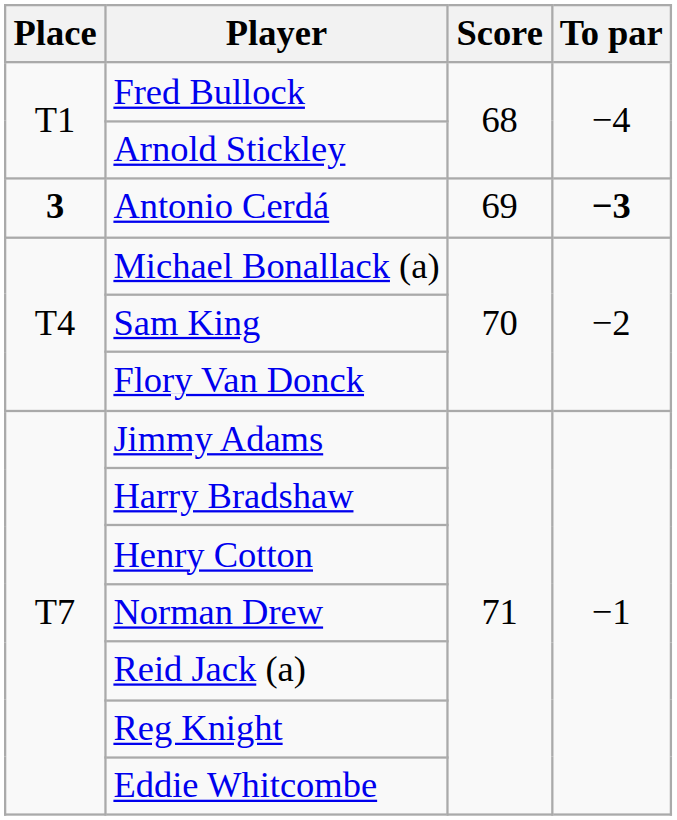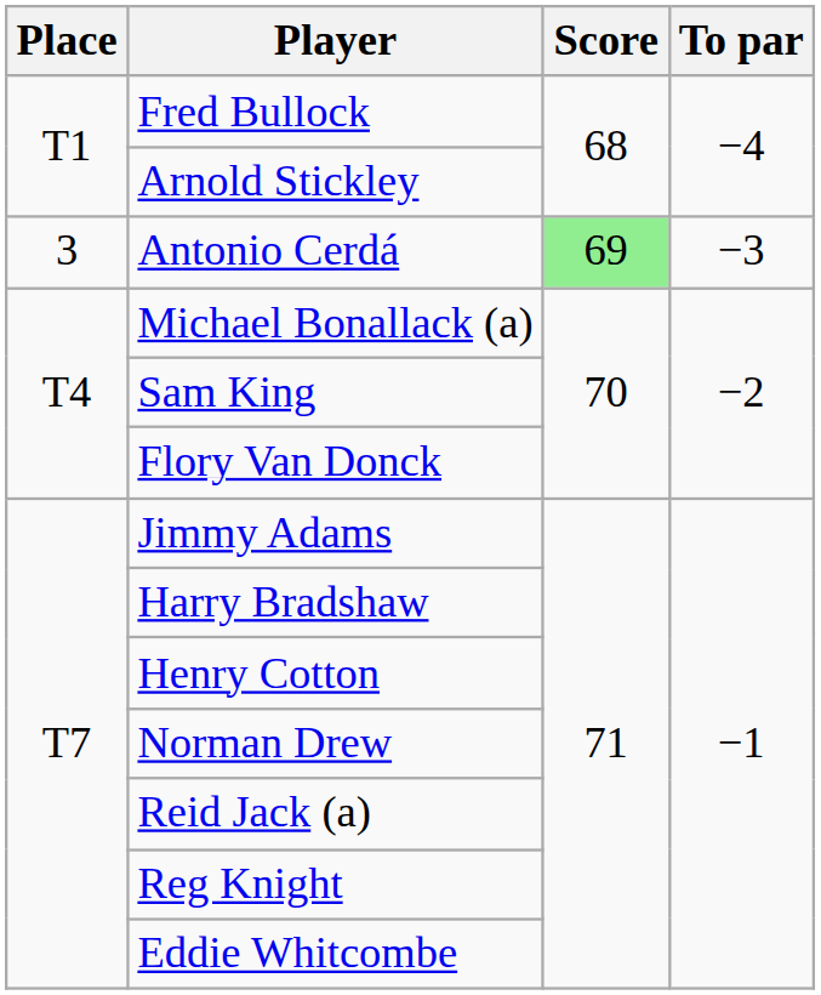 <table class="wikitable">
 <tr>
 <th>Place</th>
 <th>Player</th>
 <th>Score</th>
 <th>To par</th>
 </tr>
 <tr>
 <td rowspan="2" align=center>T1</td>
 <td> <a href='#'>Fred Bullock</a></td>
 <td rowspan="2" align=center>68</td>
 <td rowspan="2" align=center>−4</td>
 </tr>
 <tr>
 <td> <a href='#'>Arnold Stickley</a></td>
 </tr>
 <tr>
-<td align=center><strong>3</strong></td>
+<td align=center>3</td>
 <td> <a href='#'>Antonio Cerdá</a></td>
-<td align=center>69</td>
-<td align=center><strong>−3</strong></td>
+<td align=center style="background: lightgreen;">69</td>
+<td align=center>−3</td>
 </tr>
 <tr>
 <td rowspan="3" align=center>T4</td>
 <td> <a href='#'>Michael Bonallack</a> (a)</td>
 <td rowspan="3" align=center>70</td>
 <td rowspan="3" align=center>−2</td>
 </tr>
 <tr>
 <td> <a href='#'>Sam King</a></td>
 </tr>
 <tr>
 <td> <a href='#'>Flory Van Donck</a></td>
 </tr>
 <tr>
 <td rowspan="7" align=center>T7</td>
 <td> <a href='#'>Jimmy Adams</a></td>
 <td rowspan="7" align=center>71</td>
 <td rowspan="7" align=center>−1</td>
 </tr>
 <tr>
 <td> <a href='#'>Harry Bradshaw</a></td>
 </tr>
 <tr>
 <td> <a href='#'>Henry Cotton</a></td>
 </tr>
 <tr>
 <td> <a href='#'>Norman Drew</a></td>
 </tr>
 <tr>
 <td> <a href='#'>Reid Jack</a> (a)</td>
 </tr>
 <tr>
 <td> <a href='#'>Reg Knight</a></td>
 </tr>
 <tr>
 <td> <a href='#'>Eddie Whitcombe</a></td>
 </tr>
 </table>
